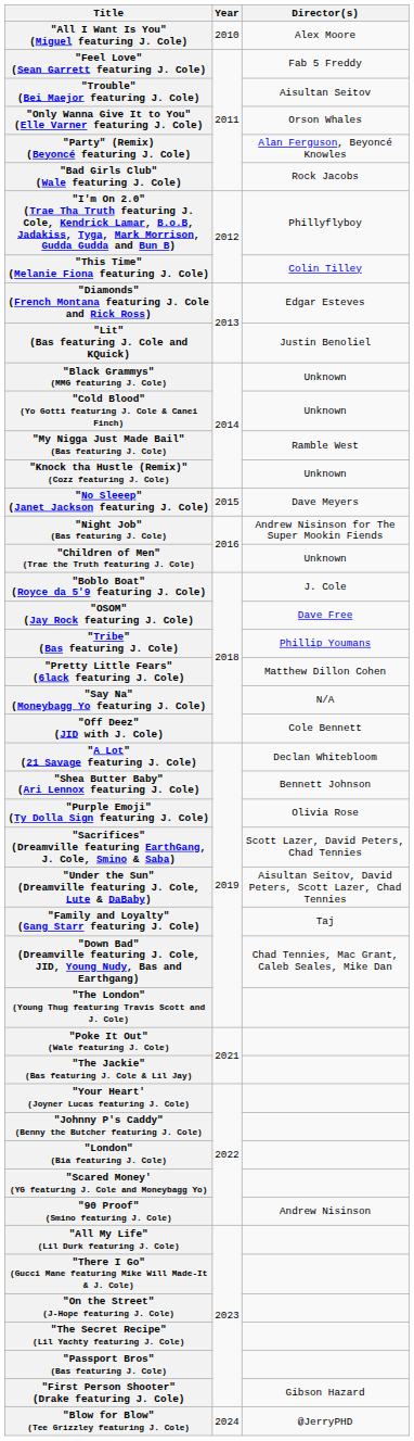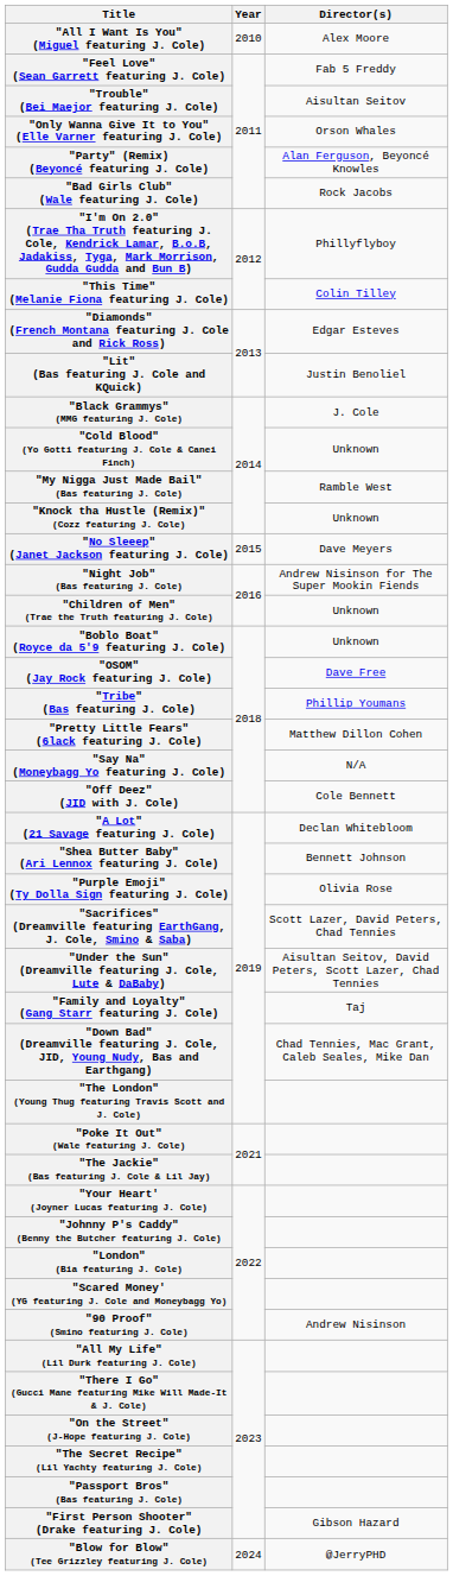 <table class="wikitable plainrowheaders" style="text-align:center;">
 <tr>
 <th style="width:20em;">Title</th>
 <th style="width:1em;">Year</th>
 <th style="width:16em;">Director(s)</th>
 </tr>
 <tr>
 <th scope="row">"All I Want Is You"<br><span>(<a href='#'>Miguel</a> featuring J. Cole)</span></th>
 <td>2010</td>
 <td>Alex Moore</td>
 </tr>
 <tr>
 <th scope="row">"Feel Love"<br><span>(<a href='#'>Sean Garrett</a> featuring J. Cole)</span></th>
 <td rowspan="5">2011</td>
 <td>Fab 5 Freddy</td>
 </tr>
 <tr>
 <th scope="row">"Trouble"<br><span>(<a href='#'>Bei Maejor</a> featuring J. Cole)</span></th>
 <td>Aisultan Seitov</td>
 </tr>
 <tr>
 <th scope="row">"Only Wanna Give It to You"<br><span>(<a href='#'>Elle Varner</a> featuring J. Cole)</span></th>
 <td>Orson Whales</td>
 </tr>
 <tr>
 <th scope="row">"Party" (Remix)<br><span>(<a href='#'>Beyoncé</a> featuring J. Cole)</span></th>
 <td><a href='#'>Alan Ferguson</a>, Beyoncé Knowles</td>
 </tr>
 <tr>
 <th scope="row">"Bad Girls Club"<br><span>(<a href='#'>Wale</a> featuring J. Cole)</span></th>
 <td>Rock Jacobs</td>
 </tr>
 <tr>
 <th scope="row">"I'm On 2.0"<br><span>(<a href='#'>Trae Tha Truth</a> featuring J. Cole, <a href='#'>Kendrick Lamar</a>, <a href='#'>B.o.B</a>, <a href='#'>Jadakiss</a>, <a href='#'>Tyga</a>, <a href='#'>Mark Morrison</a>, <a href='#'>Gudda Gudda</a> and <a href='#'>Bun B</a>)</span></th>
 <td rowspan="2">2012</td>
 <td>Phillyflyboy</td>
 </tr>
 <tr>
 <th scope="row">"This Time"<br><span>(<a href='#'>Melanie Fiona</a> featuring J. Cole)</span></th>
 <td><a href='#'>Colin Tilley</a></td>
 </tr>
 <tr>
 <th scope="row">"Diamonds"<br><span>(<a href='#'>French Montana</a> featuring J. Cole and <a href='#'>Rick Ross</a>)</span></th>
 <td rowspan="2">2013</td>
 <td>Edgar Esteves</td>
 </tr>
 <tr>
 <th scope="row">"Lit"<br><span>(Bas featuring J. Cole and KQuick)</span></th>
 <td>Justin Benoliel</td>
 </tr>
 <tr>
 <th>"Black Grammys"<br><small>(MMG featuring J. Cole)</small></th>
 <td rowspan="4">2014</td>
-<td>Unknown</td>
+<td>J. Cole</td>
 </tr>
 <tr>
 <th>"Cold Blood"<br><small>(Yo Gotti featuring J. Cole & Canei Finch)</small></th>
 <td>Unknown</td>
 </tr>
 <tr>
 <th>"My Nigga Just Made Bail"<br><small>(Bas featuring J. Cole)</small></th>
 <td>Ramble West</td>
 </tr>
 <tr>
 <th>"Knock tha Hustle (Remix)"<br><small>(Cozz featuring J. Cole)</small></th>
 <td>Unknown</td>
 </tr>
 <tr>
 <th scope="row">"<a href='#'>No Sleeep</a>"<br><span>(<a href='#'>Janet Jackson</a> featuring J. Cole)</span></th>
 <td>2015</td>
 <td>Dave Meyers</td>
 </tr>
 <tr>
 <th>"Night Job"<br><small>(Bas featuring J. Cole)</small></th>
 <td rowspan="2">2016</td>
 <td>Andrew Nisinson for The Super Mookin Fiends</td>
 </tr>
 <tr>
 <th>"Children of Men"<br><small>(Trae the Truth featuring J. Cole)</small></th>
 <td>Unknown </td>
 </tr>
 <tr>
 <th scope="row">"Boblo Boat"<br><span>(<a href='#'>Royce da 5'9</a> featuring J. Cole)</span></th>
 <td rowspan="6">2018</td>
-<td>J. Cole</td>
+<td>Unknown</td>
 </tr>
 <tr>
 <th scope="row">"OSOM"<br><span>(<a href='#'>Jay Rock</a> featuring J. Cole)</span></th>
 <td><a href='#'>Dave Free</a></td>
 </tr>
 <tr>
 <th scope="row">"<a href='#'>Tribe</a>"<br><span>(<a href='#'>Bas</a> featuring J. Cole)</span></th>
 <td><a href='#'>Phillip Youmans</a></td>
 </tr>
 <tr>
 <th scope="row">"Pretty Little Fears"<br><span>(<a href='#'>6lack</a> featuring J. Cole)</span></th>
 <td>Matthew Dillon Cohen</td>
 </tr>
 <tr>
 <th scope="row">"Say Na"<br><span>(<a href='#'>Moneybagg Yo</a> featuring J. Cole)</span></th>
 <td><span>N/A</span></td>
 </tr>
 <tr>
 <th scope="row">"Off Deez"<br><span>(<a href='#'>JID</a> with J. Cole)</span></th>
 <td>Cole Bennett </td>
 </tr>
 <tr>
 <th scope="row">"<a href='#'>A Lot</a>"<br><span>(<a href='#'>21 Savage</a> featuring J. Cole)</span></th>
 <td rowspan="8">2019</td>
 <td>Declan Whitebloom</td>
 </tr>
 <tr>
 <th scope="row">"Shea Butter Baby"<br><span>(<a href='#'>Ari Lennox</a> featuring J. Cole)</span></th>
 <td>Bennett Johnson</td>
 </tr>
 <tr>
 <th scope="row">"Purple Emoji"<br><span>(<a href='#'>Ty Dolla Sign</a> featuring J. Cole)</span></th>
 <td>Olivia Rose</td>
 </tr>
 <tr>
 <th scope="row">"Sacrifices"<br><span>(Dreamville featuring <a href='#'>EarthGang</a>, J. Cole, <a href='#'>Smino</a> & <a href='#'>Saba</a>)</span></th>
 <td>Scott Lazer, David Peters, Chad Tennies</td>
 </tr>
 <tr>
 <th scope="row">"Under the Sun"<br><span>(Dreamville featuring J. Cole, <a href='#'>Lute</a> & <a href='#'>DaBaby</a>)</span></th>
 <td>Aisultan Seitov, David Peters, Scott Lazer, Chad Tennies</td>
 </tr>
 <tr>
 <th scope="row">"Family and Loyalty"<br><span>(<a href='#'>Gang Starr</a> featuring J. Cole)</span></th>
 <td>Taj</td>
 </tr>
 <tr>
 <th scope="row">"Down Bad"<br><span>(Dreamville featuring J. Cole, JID, <a href='#'>Young Nudy</a>, Bas and Earthgang)</span></th>
 <td>Chad Tennies, Mac Grant, Caleb Seales, Mike Dan</td>
 </tr>
 <tr>
 <th>"The London"<br><small>(Young Thug featuring Travis Scott and J. Cole)</small></th>
 <td></td>
 </tr>
 <tr>
 <th>"Poke It Out"<br><small>(Wale featuring J. Cole)</small></th>
 <td rowspan="2">2021</td>
 <td></td>
 </tr>
 <tr>
 <th>"The Jackie"<br><small>(Bas featuring J. Cole & Lil Jay)</small></th>
 <td></td>
 </tr>
 <tr>
 <th>"Your Heart'<br><small>(Joyner Lucas featuring J. Cole)</small></th>
 <td rowspan="5">2022</td>
 <td></td>
 </tr>
 <tr>
 <th>"Johnny P's Caddy"<br><small>(Benny the Butcher featuring J. Cole)</small></th>
 <td></td>
 </tr>
 <tr>
 <th>"London"<br><small>(Bia featuring J. Cole)</small></th>
 <td></td>
 </tr>
 <tr>
 <th>"Scared Money'<br><small>(YG featuring J. Cole and Moneybagg Yo)</small></th>
 <td></td>
 </tr>
 <tr>
 <th>"90 Proof"<br><small>(Smino featuring J. Cole)</small></th>
 <td>Andrew Nisinson  </td>
 </tr>
 <tr>
 <th>"All My Life"<br><small>(Lil Durk featuring J. Cole)</small></th>
 <td rowspan="6">2023</td>
 <td></td>
 </tr>
 <tr>
 <th>"There I Go"<br><small>(Gucci Mane featuring Mike Will Made-It & J. Cole)</small></th>
 <td></td>
 </tr>
 <tr>
 <th>"On the Street"<br><small>(J-Hope featuring J. Cole)</small></th>
 <td></td>
 </tr>
 <tr>
 <th>"The Secret Recipe"<br><small>(Lil Yachty featuring J. Cole)</small></th>
 <td></td>
 </tr>
 <tr>
 <th>"Passport Bros"<br><small>(Bas featuring J. Cole)</small></th>
 <td></td>
 </tr>
 <tr>
 <th scope="row">"First Person Shooter"<br><span>(Drake featuring J. Cole)</span></th>
 <td>Gibson Hazard</td>
 </tr>
 <tr>
 <th>"Blow for Blow"<br><small>(Tee Grizzley featuring J. Cole)</small></th>
 <td>2024</td>
 <td>@JerryPHD</td>
 </tr>
 </table>
